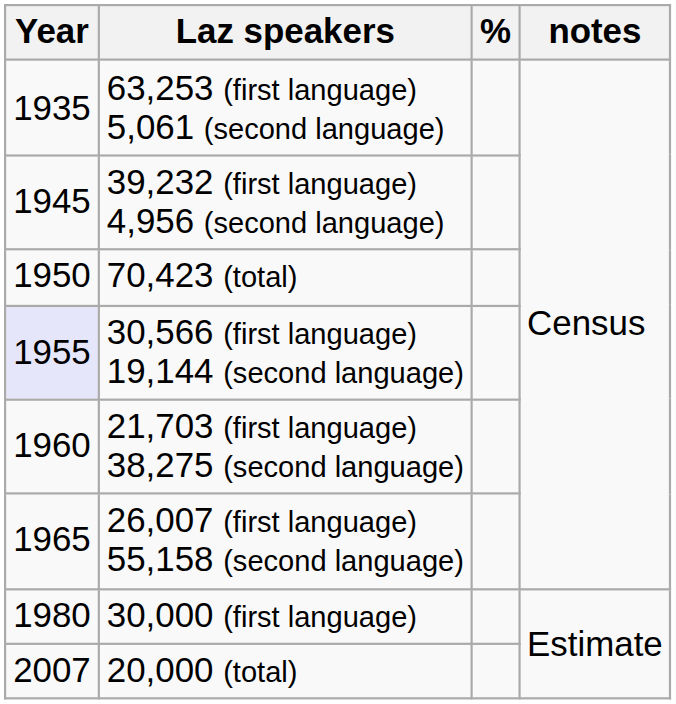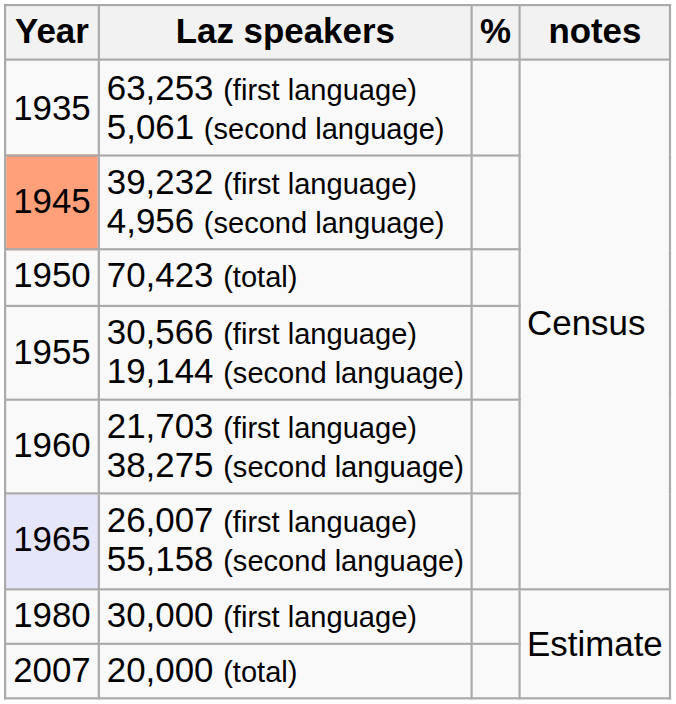 <table class="wikitable sortable">
 <tr>
 <th>Year</th>
 <th>Laz speakers</th>
 <th>%</th>
 <th>notes</th>
 </tr>
 <tr>
 <td>1935</td>
 <td>63,253 <small>(first language)</small><br>5,061 <small>(second language)</small></td>
 <td></td>
 <td rowspan="6">Census</td>
 </tr>
 <tr>
-<td>1945</td>
+<td style="background: lightsalmon;">1945</td>
 <td>39,232 <small>(first language)</small><br>4,956 <small>(second language)</small></td>
 <td></td>
 </tr>
 <tr>
 <td>1950</td>
 <td>70,423 <small>(total)</small></td>
 <td></td>
 </tr>
 <tr>
-<td style="background: lavender;">1955</td>
+<td>1955</td>
 <td>30,566 <small>(first language)</small><br>19,144 <small>(second language)</small></td>
 <td></td>
 </tr>
 <tr>
 <td>1960</td>
 <td>21,703 <small>(first language)</small><br>38,275 <small>(second language)</small></td>
 <td></td>
 </tr>
 <tr>
-<td>1965</td>
+<td style="background: lavender;">1965</td>
 <td>26,007 <small>(first language)</small><br>55,158 <small>(second language)</small></td>
 <td></td>
 </tr>
 <tr>
 <td>1980</td>
 <td>30,000 <small>(first language)</small></td>
 <td></td>
 <td rowspan="2">Estimate</td>
 </tr>
 <tr>
 <td>2007</td>
 <td>20,000 <small>(total)</small></td>
 <td></td>
 </tr>
 </table>
